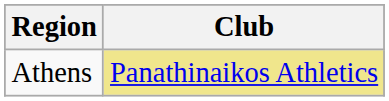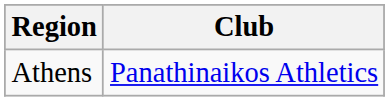 <table class="wikitable style=" textalign:center;"}>
 <tr>
 <th>Region</th>
 <th>Club</th>
 </tr>
 <tr>
 <td>Athens</td>
-<td style="background: khaki;"><a href='#'>Panathinaikos Athletics</a></td>
+<td><a href='#'>Panathinaikos Athletics</a></td>
 </tr>
 </table>
